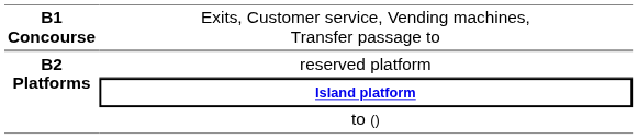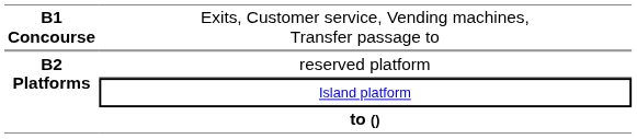 <table table border=0 cellspacing=0 cellpadding=3>
 <tr>
 <td style="border-bottom:solid 1px gray; border-top:solid 1px gray;text-align:center" valign=top><strong>B1<br>Concourse</strong></td>
 <td style="border-bottom:solid 1px gray; border-top:solid 1px gray;text-align:center" valign=top width=500>Exits, Customer service, Vending machines,<br>Transfer passage to </td>
 </tr>
 <tr>
 <td style="border-bottom:solid 1px gray; border-top:solid 1px gray;text-align:center" rowspan="3" valign=top width=50><strong>B2<br>Platforms</strong></td>
 <td style="border-bottom:solid 1px gray; border-top:solid 1px gray;text-align:center"> reserved platform</td>
 </tr>
 <tr>
-<td style="border-right:solid 2px black;border-left:solid 2px black;border-top:solid 2px black;border-bottom:solid 2px black;text-align:center;"><strong><small><a href='#'>Island platform</a></small></strong></td>
+<td style="border-right:solid 2px black;border-left:solid 2px black;border-top:solid 2px black;border-bottom:solid 2px black;text-align:center;"><small><a href='#'>Island platform</a></small></td>
 </tr>
 <tr>
-<td style="border-bottom:solid 1px gray;text-align:center;"> to  <small>()</small> </td>
+<td style="border-bottom:solid 1px gray;text-align:center;"><strong> to  <small>()</small> </strong></td>
 </tr>
 </table>
